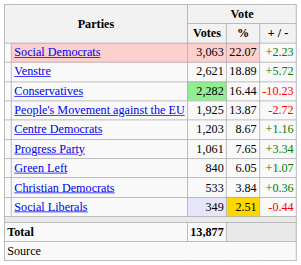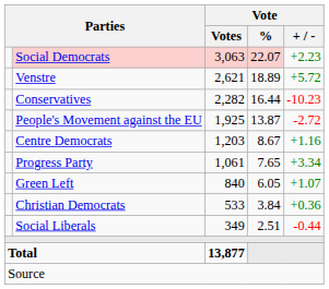 <table class="wikitable" style="text-align:right;">
 <tr>
 <th style="text-align:centre;" rowspan="2" colspan="2" width="225">Parties</th>
 <th colspan="3">Vote</th>
 </tr>
 <tr>
 <th width="15">Votes</th>
 <th width="15">%</th>
 <th width="15">+ / -</th>
 </tr>
 <tr>
 <td width="2" style="color:inherit;background:"></td>
 <td bgcolor=#fbd0ce   align="left"><a href='#'>Social Democrats</a></td>
 <td bgcolor=#fbd0ce>3,063</td>
 <td bgcolor=#fbd0ce>22.07</td>
 <td style=color:green;>+2.23</td>
 </tr>
 <tr>
 <td width="2" style="color:inherit;background:"></td>
 <td align="left"><a href='#'>Venstre</a></td>
 <td>2,621</td>
 <td>18.89</td>
 <td style=color:green;>+5.72</td>
 </tr>
 <tr>
 <td width="2" style="color:inherit;background:"></td>
 <td align="left"><a href='#'>Conservatives</a></td>
-<td style="background: lightgreen;">2,282</td>
+<td>2,282</td>
 <td>16.44</td>
 <td style=color:red;>-10.23</td>
 </tr>
 <tr>
 <td width="2" style="color:inherit;background:"></td>
 <td align="left"><a href='#'>People's Movement against the EU</a></td>
 <td>1,925</td>
 <td>13.87</td>
 <td style=color:red;>-2.72</td>
 </tr>
 <tr>
 <td width="2" style="color:inherit;background:"></td>
 <td align="left"><a href='#'>Centre Democrats</a></td>
 <td>1,203</td>
 <td>8.67</td>
 <td style=color:green;>+1.16</td>
 </tr>
 <tr>
 <td width="2" style="color:inherit;background:"></td>
 <td align="left"><a href='#'>Progress Party</a></td>
 <td>1,061</td>
 <td>7.65</td>
 <td style=color:green;>+3.34</td>
 </tr>
 <tr>
 <td width="2" style="color:inherit;background:"></td>
 <td align="left"><a href='#'>Green Left</a></td>
 <td>840</td>
 <td>6.05</td>
 <td style=color:green;>+1.07</td>
 </tr>
 <tr>
 <td width="2" style="color:inherit;background:"></td>
 <td align="left"><a href='#'>Christian Democrats</a></td>
 <td>533</td>
 <td>3.84</td>
 <td style=color:green;>+0.36</td>
 </tr>
 <tr>
 <td width="2" style="color:inherit;background:"></td>
 <td align="left"><a href='#'>Social Liberals</a></td>
-<td style="background: lavender;">349</td>
-<td style="background: gold;">2.51</td>
+<td>349</td>
+<td>2.51</td>
 <td style=color:red;>-0.44</td>
 </tr>
 <tr>
 <td colspan="7" bgcolor="#E9E9E9"></td>
 </tr>
 <tr>
 <td align="left" colspan="2"><strong>Total</strong></td>
 <td><strong>13,877</strong></td>
 <td bgcolor="#E9E9E9" colspan="2"></td>
 </tr>
 <tr>
 <td align="left" colspan="6">Source</td>
 </tr>
 </table>
